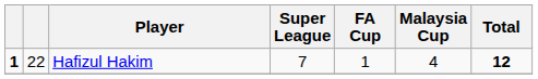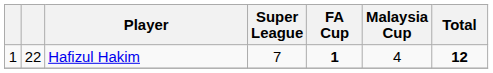 <table class="wikitable sortable" style="font-size: 95%; text-align: center;">
 <tr>
 <th width=10></th>
 <th width=10></th>
 <th width=200>Player</th>
 <th width=50>Super League</th>
 <th width=50>FA Cup</th>
 <th width=50>Malaysia Cup</th>
 <th width=50>Total</th>
 </tr>
 <tr>
-<td><strong>1</strong></td>
+<td>1</td>
 <td>22</td>
 <td align=left> <a href='#'>Hafizul Hakim</a></td>
 <td>7</td>
-<td>1</td>
+<td><strong>1</strong></td>
 <td>4</td>
 <td><strong>12</strong></td>
 </tr>
 <tr>
 </tr>
 </table>
